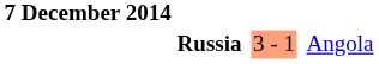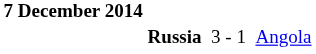 <table>
 <tr>
 <td><strong>7 December 2014</strong></td>
 </tr>
 <tr>
 <td></td>
 <td align=right><strong>Russia</strong></td>
 <td></td>
-<td style="background: lightsalmon;">3 - 1</td>
+<td>3 - 1</td>
 <td></td>
 <td><a href='#'>Angola</a></td>
 </tr>
 </table>
